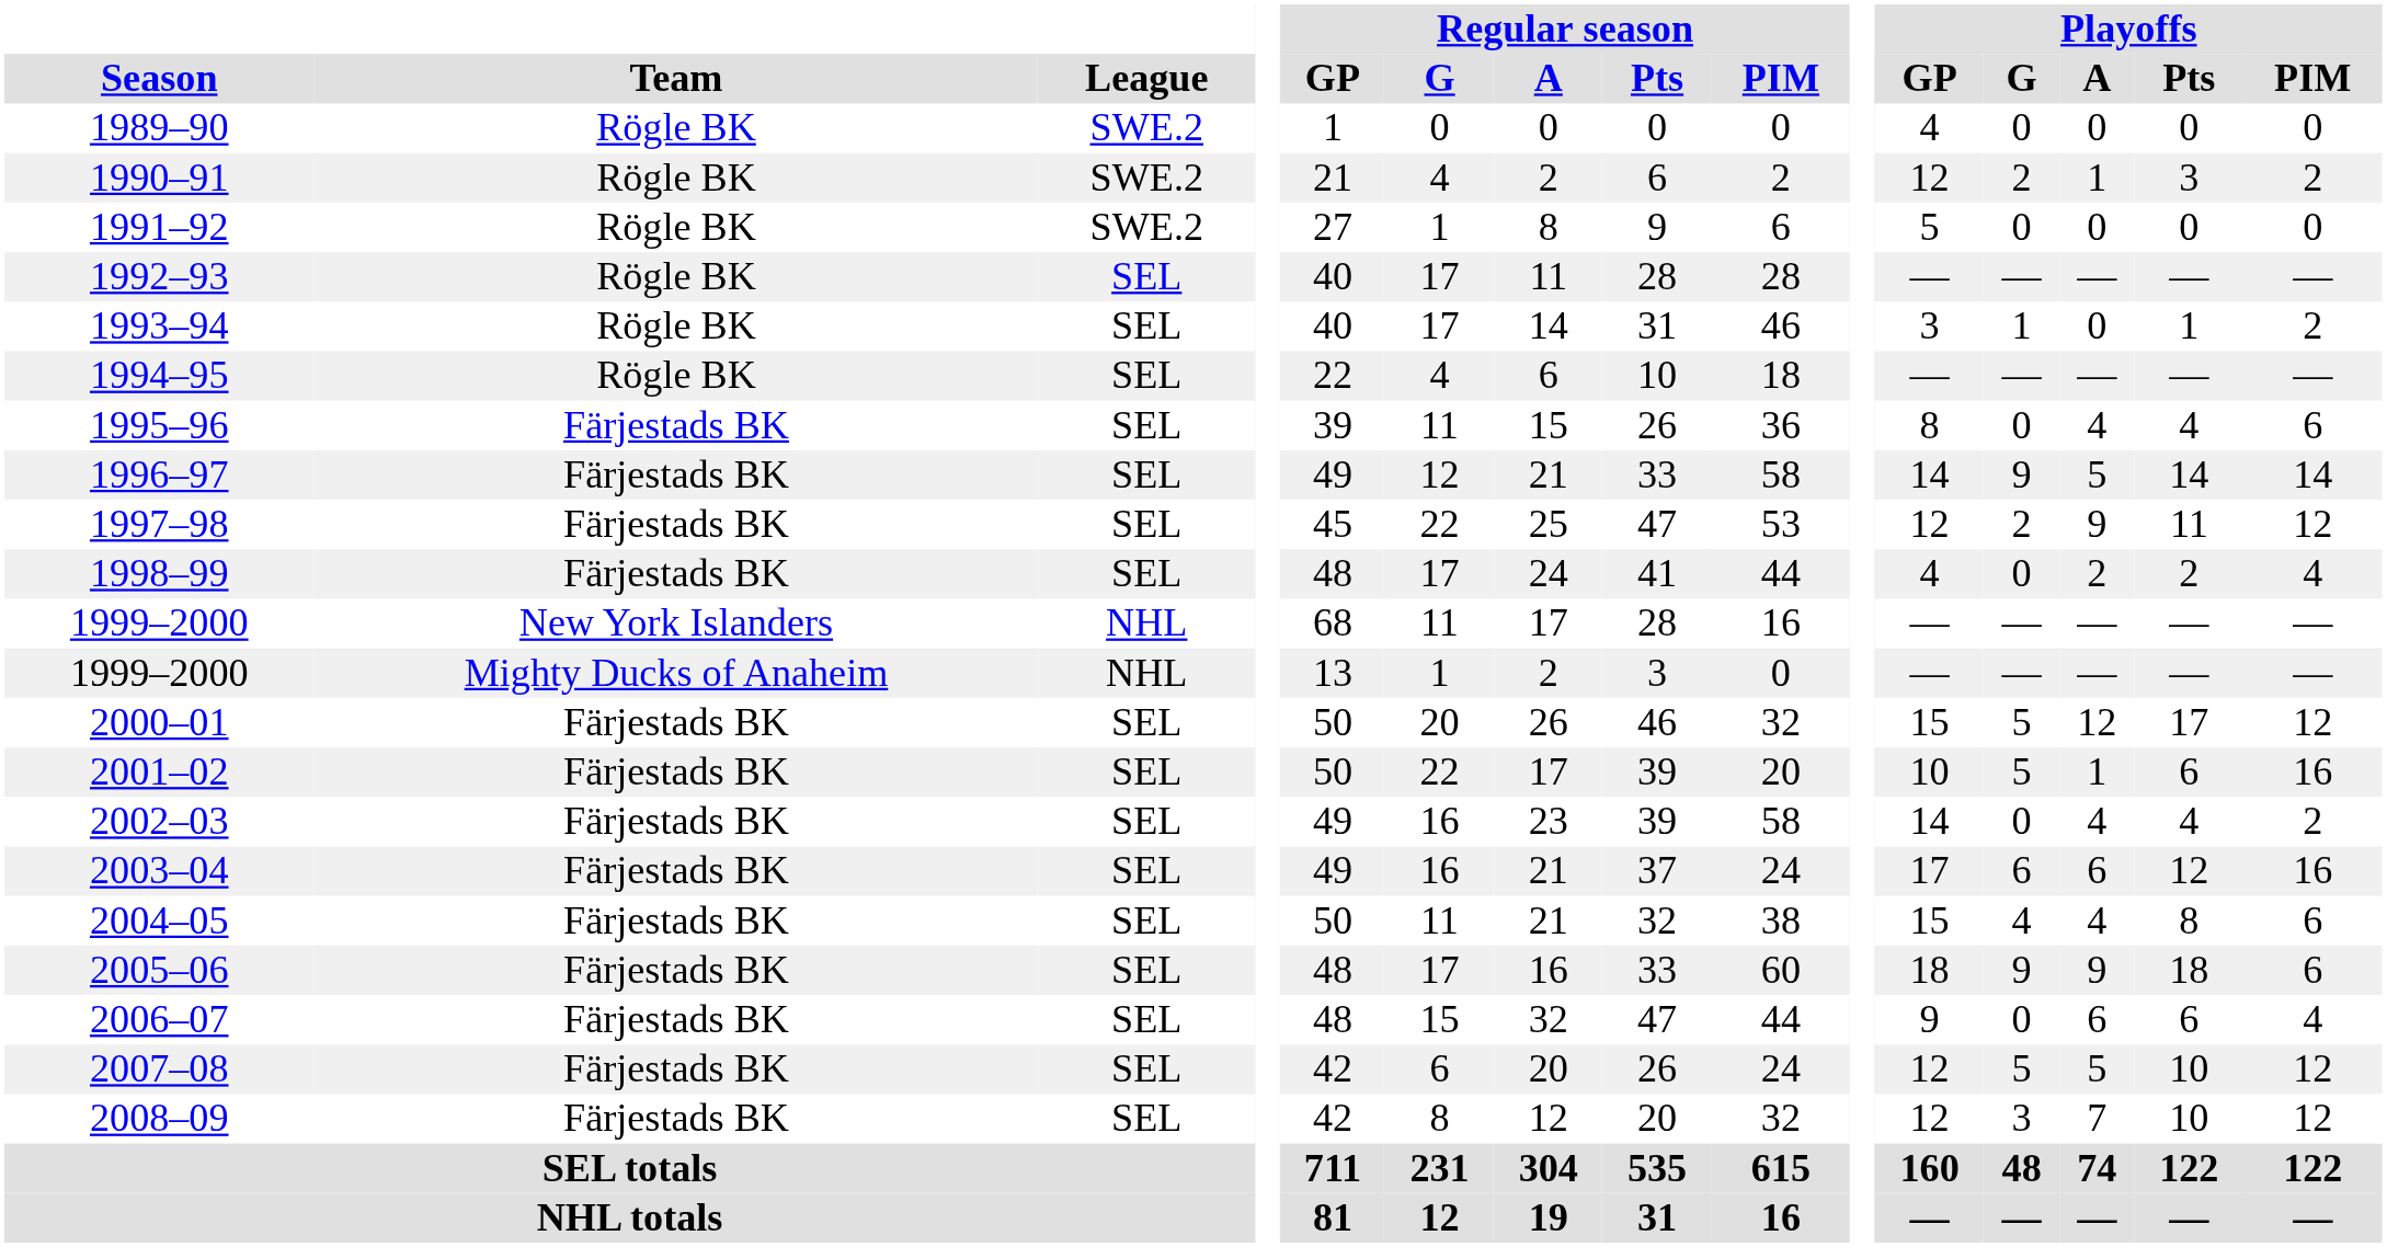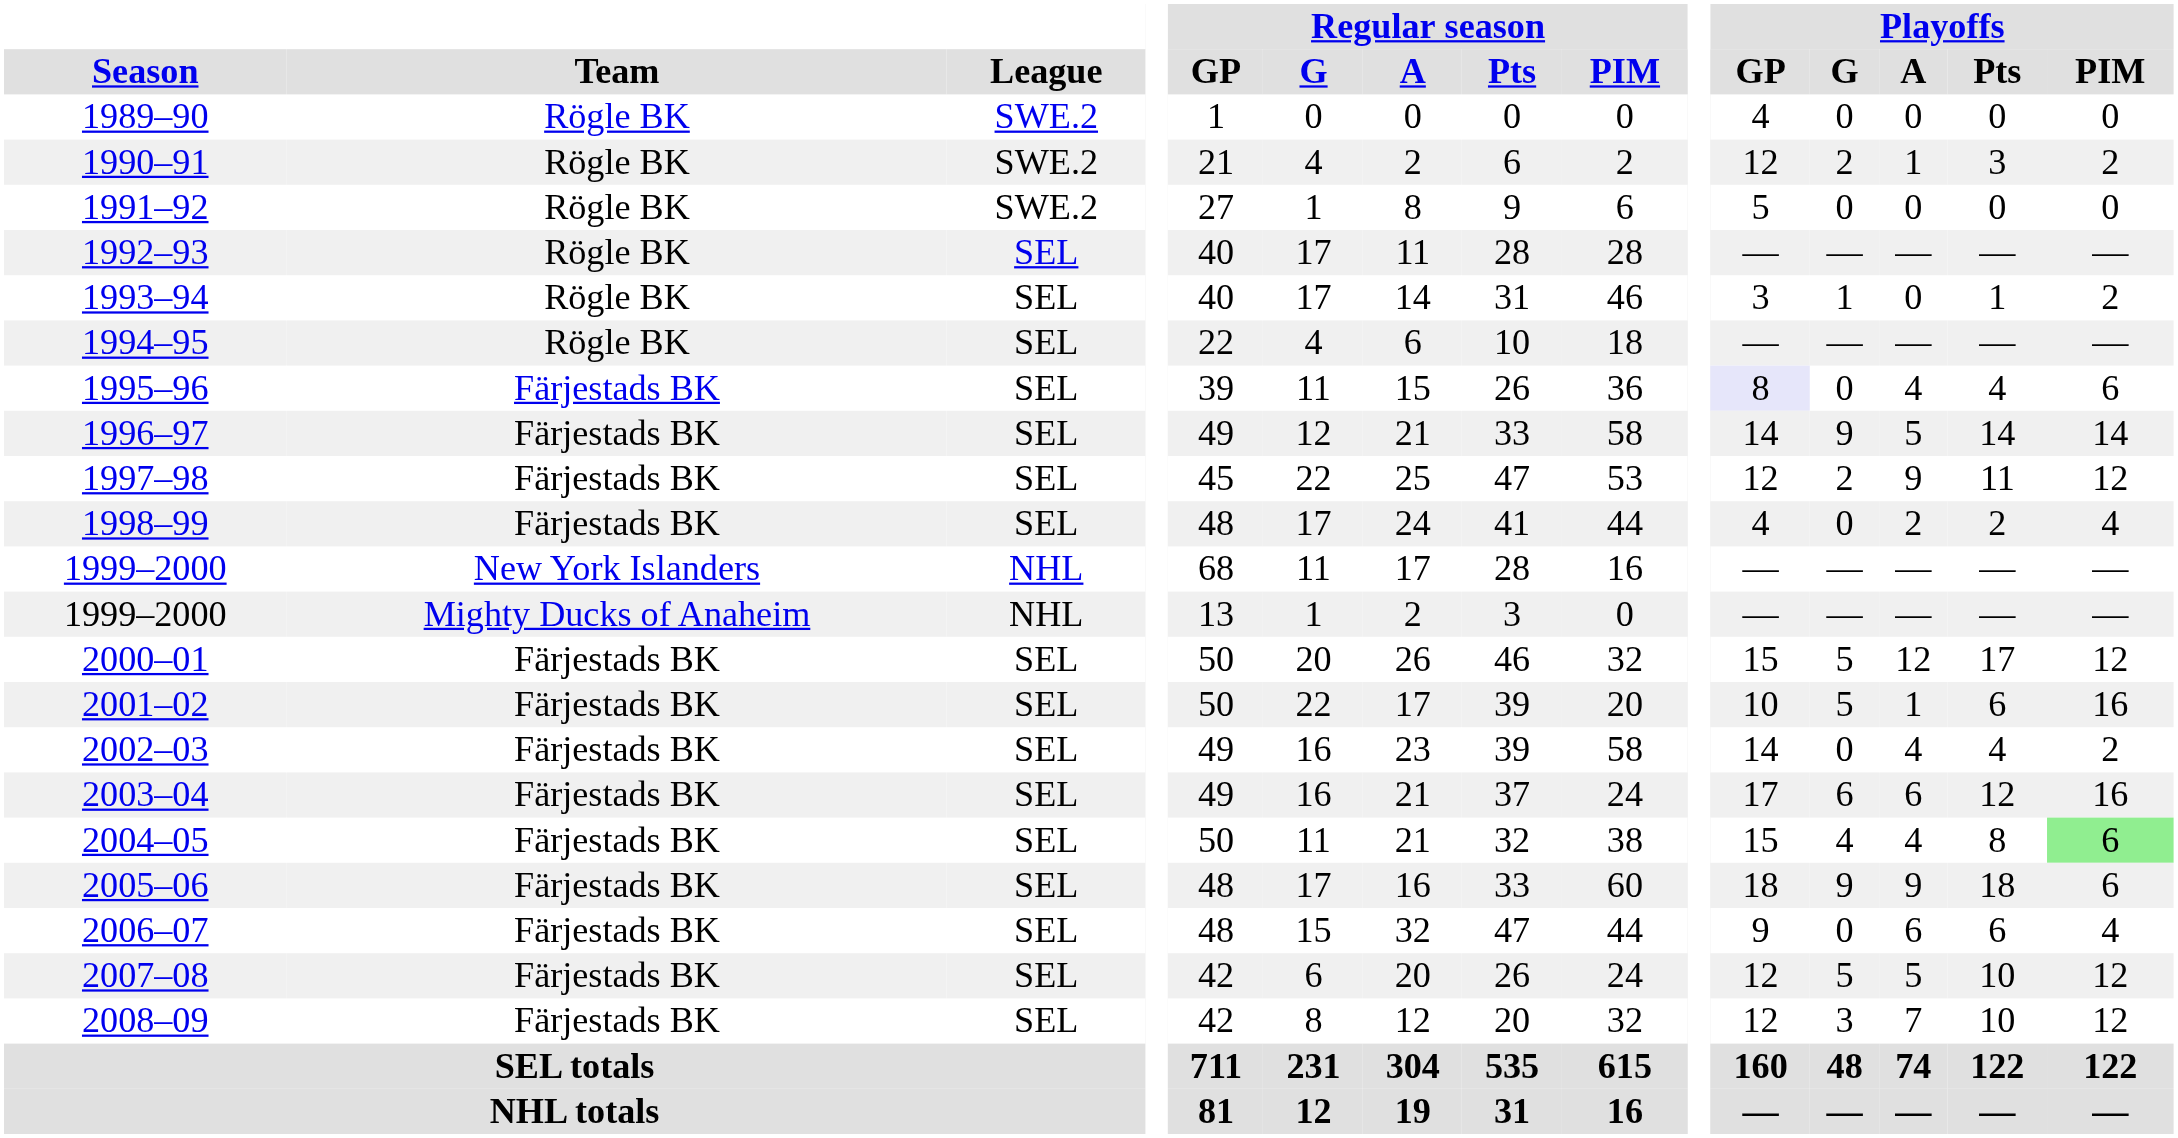 <table border="0" cellpadding="1" cellspacing="0" style="text-align:center; width:60em">
 <tr bgcolor="#e0e0e0">
 <th colspan="3" bgcolor="#ffffff"> </th>
 <th rowspan="99" bgcolor="#ffffff"> </th>
 <th colspan="5"><a href='#'>Regular season</a></th>
 <th rowspan="99" bgcolor="#ffffff"> </th>
 <th colspan="5"><a href='#'>Playoffs</a></th>
 </tr>
 <tr bgcolor="#e0e0e0">
 <th><a href='#'>Season</a></th>
 <th>Team</th>
 <th>League</th>
 <th>GP</th>
 <th><a href='#'>G</a></th>
 <th><a href='#'>A</a></th>
 <th><a href='#'>Pts</a></th>
 <th><a href='#'>PIM</a></th>
 <th>GP</th>
 <th>G</th>
 <th>A</th>
 <th>Pts</th>
 <th>PIM</th>
 </tr>
 <tr>
 <td><a href='#'>1989–90</a></td>
 <td><a href='#'>Rögle BK</a></td>
 <td><a href='#'>SWE.2</a></td>
 <td>1</td>
 <td>0</td>
 <td>0</td>
 <td>0</td>
 <td>0</td>
 <td>4</td>
 <td>0</td>
 <td>0</td>
 <td>0</td>
 <td>0</td>
 </tr>
 <tr bgcolor="#f0f0f0">
 <td><a href='#'>1990–91</a></td>
 <td>Rögle BK</td>
 <td>SWE.2</td>
 <td>21</td>
 <td>4</td>
 <td>2</td>
 <td>6</td>
 <td>2</td>
 <td>12</td>
 <td>2</td>
 <td>1</td>
 <td>3</td>
 <td>2</td>
 </tr>
 <tr>
 <td><a href='#'>1991–92</a></td>
 <td>Rögle BK</td>
 <td>SWE.2</td>
 <td>27</td>
 <td>1</td>
 <td>8</td>
 <td>9</td>
 <td>6</td>
 <td>5</td>
 <td>0</td>
 <td>0</td>
 <td>0</td>
 <td>0</td>
 </tr>
 <tr bgcolor="#f0f0f0">
 <td><a href='#'>1992–93</a></td>
 <td>Rögle BK</td>
 <td><a href='#'>SEL</a></td>
 <td>40</td>
 <td>17</td>
 <td>11</td>
 <td>28</td>
 <td>28</td>
 <td>—</td>
 <td>—</td>
 <td>—</td>
 <td>—</td>
 <td>—</td>
 </tr>
 <tr>
 <td><a href='#'>1993–94</a></td>
 <td>Rögle BK</td>
 <td>SEL</td>
 <td>40</td>
 <td>17</td>
 <td>14</td>
 <td>31</td>
 <td>46</td>
 <td>3</td>
 <td>1</td>
 <td>0</td>
 <td>1</td>
 <td>2</td>
 </tr>
 <tr bgcolor="#f0f0f0">
 <td><a href='#'>1994–95</a></td>
 <td>Rögle BK</td>
 <td>SEL</td>
 <td>22</td>
 <td>4</td>
 <td>6</td>
 <td>10</td>
 <td>18</td>
 <td>—</td>
 <td>—</td>
 <td>—</td>
 <td>—</td>
 <td>—</td>
 </tr>
 <tr>
 <td><a href='#'>1995–96</a></td>
 <td><a href='#'>Färjestads BK</a></td>
 <td>SEL</td>
 <td>39</td>
 <td>11</td>
 <td>15</td>
 <td>26</td>
 <td>36</td>
-<td>8</td>
+<td style="background: lavender;">8</td>
 <td>0</td>
 <td>4</td>
 <td>4</td>
 <td>6</td>
 </tr>
 <tr bgcolor="#f0f0f0">
 <td><a href='#'>1996–97</a></td>
 <td>Färjestads BK</td>
 <td>SEL</td>
 <td>49</td>
 <td>12</td>
 <td>21</td>
 <td>33</td>
 <td>58</td>
 <td>14</td>
 <td>9</td>
 <td>5</td>
 <td>14</td>
 <td>14</td>
 </tr>
 <tr>
 <td><a href='#'>1997–98</a></td>
 <td>Färjestads BK</td>
 <td>SEL</td>
 <td>45</td>
 <td>22</td>
 <td>25</td>
 <td>47</td>
 <td>53</td>
 <td>12</td>
 <td>2</td>
 <td>9</td>
 <td>11</td>
 <td>12</td>
 </tr>
 <tr bgcolor="#f0f0f0">
 <td><a href='#'>1998–99</a></td>
 <td>Färjestads BK</td>
 <td>SEL</td>
 <td>48</td>
 <td>17</td>
 <td>24</td>
 <td>41</td>
 <td>44</td>
 <td>4</td>
 <td>0</td>
 <td>2</td>
 <td>2</td>
 <td>4</td>
 </tr>
 <tr>
 <td><a href='#'>1999–2000</a></td>
 <td><a href='#'>New York Islanders</a></td>
 <td><a href='#'>NHL</a></td>
 <td>68</td>
 <td>11</td>
 <td>17</td>
 <td>28</td>
 <td>16</td>
 <td>—</td>
 <td>—</td>
 <td>—</td>
 <td>—</td>
 <td>—</td>
 </tr>
 <tr bgcolor="#f0f0f0">
 <td>1999–2000</td>
 <td><a href='#'>Mighty Ducks of Anaheim</a></td>
 <td>NHL</td>
 <td>13</td>
 <td>1</td>
 <td>2</td>
 <td>3</td>
 <td>0</td>
 <td>—</td>
 <td>—</td>
 <td>—</td>
 <td>—</td>
 <td>—</td>
 </tr>
 <tr>
 <td><a href='#'>2000–01</a></td>
 <td>Färjestads BK</td>
 <td>SEL</td>
 <td>50</td>
 <td>20</td>
 <td>26</td>
 <td>46</td>
 <td>32</td>
 <td>15</td>
 <td>5</td>
 <td>12</td>
 <td>17</td>
 <td>12</td>
 </tr>
 <tr bgcolor="#f0f0f0">
 <td><a href='#'>2001–02</a></td>
 <td>Färjestads BK</td>
 <td>SEL</td>
 <td>50</td>
 <td>22</td>
 <td>17</td>
 <td>39</td>
 <td>20</td>
 <td>10</td>
 <td>5</td>
 <td>1</td>
 <td>6</td>
 <td>16</td>
 </tr>
 <tr>
 <td><a href='#'>2002–03</a></td>
 <td>Färjestads BK</td>
 <td>SEL</td>
 <td>49</td>
 <td>16</td>
 <td>23</td>
 <td>39</td>
 <td>58</td>
 <td>14</td>
 <td>0</td>
 <td>4</td>
 <td>4</td>
 <td>2</td>
 </tr>
 <tr bgcolor="#f0f0f0">
 <td><a href='#'>2003–04</a></td>
 <td>Färjestads BK</td>
 <td>SEL</td>
 <td>49</td>
 <td>16</td>
 <td>21</td>
 <td>37</td>
 <td>24</td>
 <td>17</td>
 <td>6</td>
 <td>6</td>
 <td>12</td>
 <td>16</td>
 </tr>
 <tr>
 <td><a href='#'>2004–05</a></td>
 <td>Färjestads BK</td>
 <td>SEL</td>
 <td>50</td>
 <td>11</td>
 <td>21</td>
 <td>32</td>
 <td>38</td>
 <td>15</td>
 <td>4</td>
 <td>4</td>
 <td>8</td>
-<td>6</td>
+<td style="background: lightgreen;">6</td>
 </tr>
 <tr bgcolor="#f0f0f0">
 <td><a href='#'>2005–06</a></td>
 <td>Färjestads BK</td>
 <td>SEL</td>
 <td>48</td>
 <td>17</td>
 <td>16</td>
 <td>33</td>
 <td>60</td>
 <td>18</td>
 <td>9</td>
 <td>9</td>
 <td>18</td>
 <td>6</td>
 </tr>
 <tr>
 <td><a href='#'>2006–07</a></td>
 <td>Färjestads BK</td>
 <td>SEL</td>
 <td>48</td>
 <td>15</td>
 <td>32</td>
 <td>47</td>
 <td>44</td>
 <td>9</td>
 <td>0</td>
 <td>6</td>
 <td>6</td>
 <td>4</td>
 </tr>
 <tr bgcolor="#f0f0f0">
 <td><a href='#'>2007–08</a></td>
 <td>Färjestads BK</td>
 <td>SEL</td>
 <td>42</td>
 <td>6</td>
 <td>20</td>
 <td>26</td>
 <td>24</td>
 <td>12</td>
 <td>5</td>
 <td>5</td>
 <td>10</td>
 <td>12</td>
 </tr>
 <tr>
 <td><a href='#'>2008–09</a></td>
 <td>Färjestads BK</td>
 <td>SEL</td>
 <td>42</td>
 <td>8</td>
 <td>12</td>
 <td>20</td>
 <td>32</td>
 <td>12</td>
 <td>3</td>
 <td>7</td>
 <td>10</td>
 <td>12</td>
 </tr>
 <tr bgcolor="#e0e0e0">
 <th colspan="3">SEL totals</th>
 <th>711</th>
 <th>231</th>
 <th>304</th>
 <th>535</th>
 <th>615</th>
 <th>160</th>
 <th>48</th>
 <th>74</th>
 <th>122</th>
 <th>122</th>
 </tr>
 <tr bgcolor="#e0e0e0">
 <th colspan="3">NHL totals</th>
 <th>81</th>
 <th>12</th>
 <th>19</th>
 <th>31</th>
 <th>16</th>
 <th>—</th>
 <th>—</th>
 <th>—</th>
 <th>—</th>
 <th>—</th>
 </tr>
 </table>
